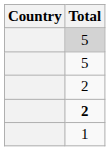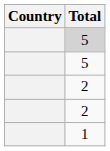 <table class="sortable wikitable plainrowheaders">
 <tr>
 <th scope="col">Country</th>
 <th scope="col">Total</th>
 </tr>
 <tr>
 <th scope="row"></th>
 <td align="center" style="background: lightgrey;">5</td>
 </tr>
 <tr>
 <th scope="row"></th>
 <td align="center">5</td>
 </tr>
 <tr>
 <th scope="row"></th>
 <td align="center">2</td>
 </tr>
 <tr>
 <th scope="row"></th>
-<td align="center"><strong>2</strong></td>
+<td align="center">2</td>
 </tr>
 <tr>
 <th scope="row"></th>
 <td align="center">1</td>
 </tr>
 </table>
